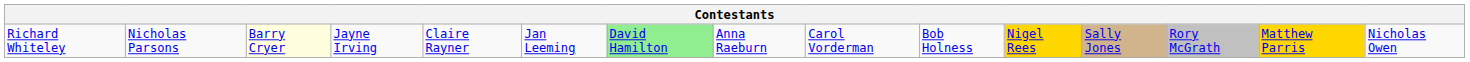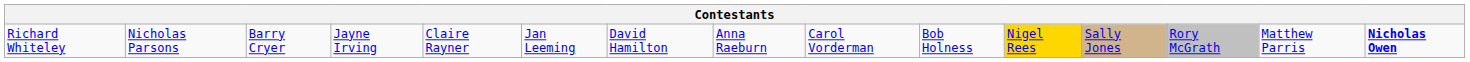 <table class="wikitable collapsible">
 <tr>
 <th colspan="15">Contestants</th>
 </tr>
 <tr>
 <td><a href='#'>Richard Whiteley</a></td>
 <td><a href='#'>Nicholas Parsons</a></td>
-<td style="background: lightyellow;"><a href='#'>Barry Cryer</a></td>
+<td><a href='#'>Barry Cryer</a></td>
 <td><a href='#'>Jayne Irving</a></td>
 <td><a href='#'>Claire Rayner</a></td>
 <td><a href='#'>Jan Leeming</a></td>
-<td style="background: lightgreen;"><a href='#'>David Hamilton</a></td>
+<td><a href='#'>David Hamilton</a></td>
 <td><a href='#'>Anna Raeburn</a></td>
 <td><a href='#'>Carol Vorderman</a></td>
 <td><a href='#'>Bob Holness</a></td>
 <td style="background:gold;"><a href='#'>Nigel Rees</a></td>
 <td style="background:tan;"><a href='#'>Sally Jones</a></td>
 <td style="background:silver;"><a href='#'>Rory McGrath</a></td>
-<td style="background: gold;"><a href='#'>Matthew Parris</a></td>
-<td><a href='#'>Nicholas Owen</a></td>
+<td><a href='#'>Matthew Parris</a></td>
+<td><strong><a href='#'>Nicholas Owen</a></strong></td>
 </tr>
 </table>
